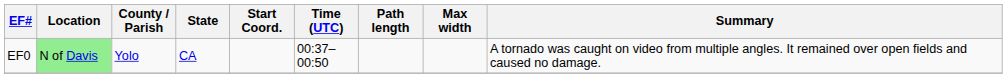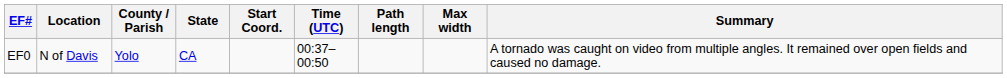 <table class="wikitable sortable" style="width:100%;">
 <tr>
 <th scope="col"  style="width:3%; text-align:center;"><a href='#'>EF#</a></th>
 <th scope="col"  style="width:7%; text-align:center;" class="unsortable">Location</th>
 <th scope="col"  style="width:6%; text-align:center;" class="unsortable">County / Parish</th>
 <th scope="col"  style="width:5%; text-align:center;">State</th>
 <th scope="col"  style="width:6%; text-align:center;">Start Coord.</th>
 <th scope="col"  style="width:6%; text-align:center;">Time (<a href='#'>UTC</a>)</th>
 <th scope="col"  style="width:6%; text-align:center;">Path length</th>
 <th scope="col"  style="width:6%; text-align:center;">Max width</th>
 <th scope="col" class="unsortable" style="width:48%; text-align:center;">Summary</th>
 </tr>
 <tr>
 <td bgcolor=>EF0</td>
-<td style="background: lightgreen;">N of <a href='#'>Davis</a></td>
+<td>N of <a href='#'>Davis</a></td>
 <td><a href='#'>Yolo</a></td>
 <td><a href='#'>CA</a></td>
 <td></td>
 <td>00:37–00:50</td>
 <td></td>
 <td></td>
 <td>A tornado was caught on video from multiple angles. It remained over open fields and caused no damage.</td>
 </tr>
 <tr>
 </tr>
 </table>
